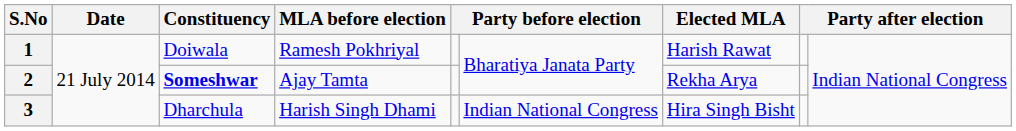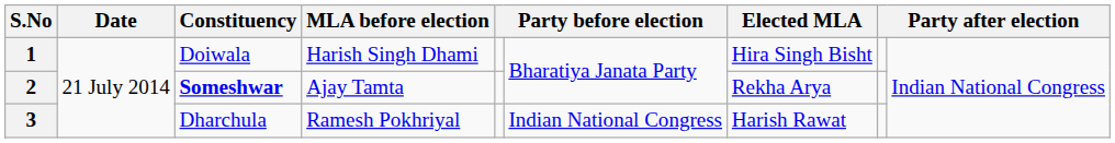 <table class="wikitable sortable">
 <tr>
 <th>S.No</th>
 <th>Date</th>
 <th>Constituency</th>
 <th>MLA before election</th>
 <th colspan="2">Party before election</th>
 <th>Elected MLA</th>
 <th colspan="2">Party after election</th>
 </tr>
 <tr>
 <th>1</th>
 <td rowspan="3">21 July 2014</td>
 <td><a href='#'>Doiwala</a></td>
-<td><a href='#'>Ramesh Pokhriyal</a></td>
+<td><a href='#'>Harish Singh Dhami</a></td>
 <td></td>
 <td rowspan="2"><a href='#'>Bharatiya Janata Party</a></td>
-<td><a href='#'>Harish Rawat</a></td>
+<td><a href='#'>Hira Singh Bisht</a></td>
 <td></td>
 <td rowspan="3"><a href='#'>Indian National Congress</a></td>
 </tr>
 <tr>
 <th>2</th>
 <td><strong><a href='#'>Someshwar</a></strong></td>
 <td><a href='#'>Ajay Tamta</a></td>
 <td></td>
 <td><a href='#'>Rekha Arya</a></td>
 <td></td>
 </tr>
 <tr>
 <th>3</th>
 <td><a href='#'>Dharchula</a></td>
-<td><a href='#'>Harish Singh Dhami</a></td>
+<td><a href='#'>Ramesh Pokhriyal</a></td>
 <td></td>
 <td><a href='#'>Indian National Congress</a></td>
-<td><a href='#'>Hira Singh Bisht</a></td>
+<td><a href='#'>Harish Rawat</a></td>
 <td></td>
 </tr>
 </table>
